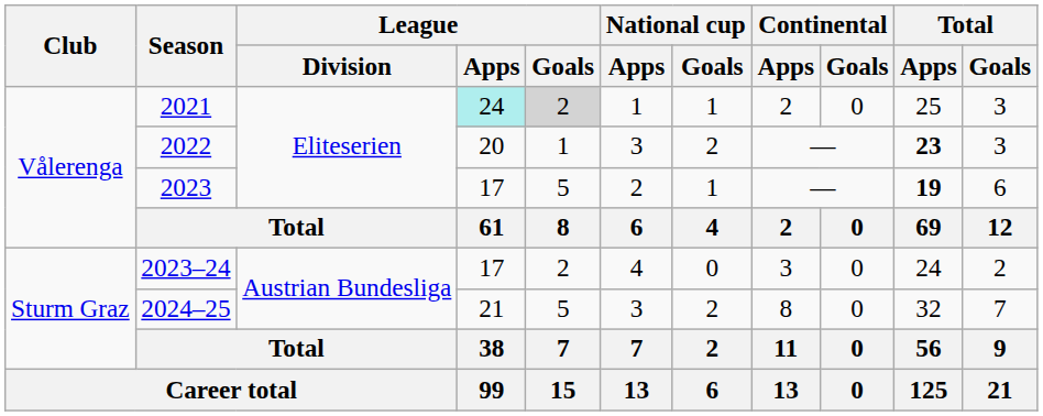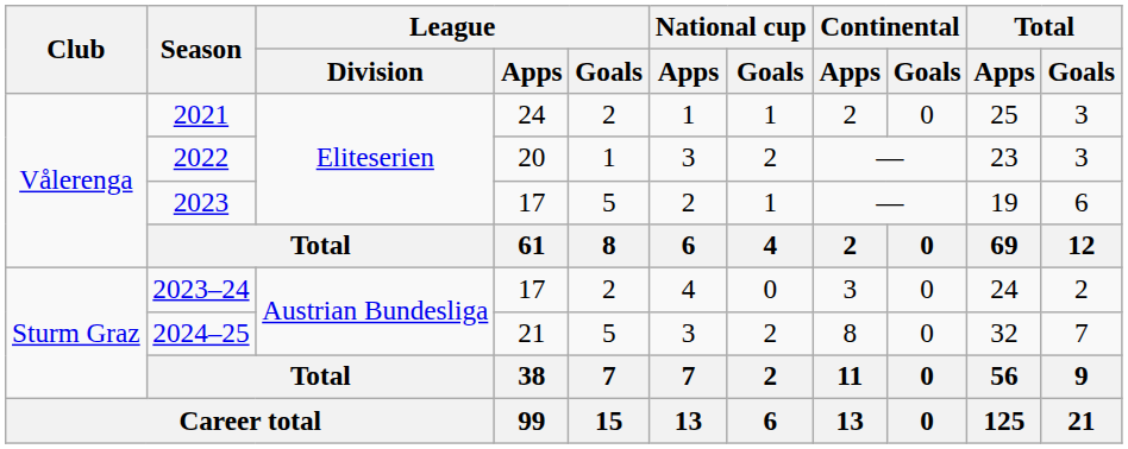 <table class="wikitable" style="text-align: center;">
 <tr>
 <th rowspan="2">Club</th>
 <th rowspan="2">Season</th>
 <th colspan="3">League</th>
 <th colspan="2">National cup</th>
 <th colspan="2">Continental</th>
 <th colspan="2">Total</th>
 </tr>
 <tr>
 <th>Division</th>
 <th>Apps</th>
 <th>Goals</th>
 <th>Apps</th>
 <th>Goals</th>
 <th>Apps</th>
 <th>Goals</th>
 <th>Apps</th>
 <th>Goals</th>
 </tr>
 <tr>
 <td rowspan="4"><a href='#'>Vålerenga</a></td>
 <td><a href='#'>2021</a></td>
 <td rowspan="3"><a href='#'>Eliteserien</a></td>
-<td style="background: paleturquoise;">24</td>
-<td style="background: lightgrey;">2</td>
+<td>24</td>
+<td>2</td>
 <td>1</td>
 <td>1</td>
 <td>2</td>
 <td>0</td>
 <td>25</td>
 <td>3</td>
 </tr>
 <tr>
 <td><a href='#'>2022</a></td>
 <td>20</td>
 <td>1</td>
 <td>3</td>
 <td>2</td>
 <td colspan="2">—</td>
-<td><strong>23</strong></td>
+<td>23</td>
 <td>3</td>
 </tr>
 <tr>
 <td><a href='#'>2023</a></td>
 <td>17</td>
 <td>5</td>
 <td>2</td>
 <td>1</td>
 <td colspan="2">—</td>
-<td><strong>19</strong></td>
+<td>19</td>
 <td>6</td>
 </tr>
 <tr>
 <th colspan="2">Total</th>
 <th>61</th>
 <th>8</th>
 <th>6</th>
 <th>4</th>
 <th>2</th>
 <th>0</th>
 <th>69</th>
 <th>12</th>
 </tr>
 <tr>
 <td rowspan="3"><a href='#'>Sturm Graz</a></td>
 <td><a href='#'>2023–24</a></td>
 <td rowspan="2"><a href='#'>Austrian Bundesliga</a></td>
 <td>17</td>
 <td>2</td>
 <td>4</td>
 <td>0</td>
 <td>3</td>
 <td>0</td>
 <td>24</td>
 <td>2</td>
 </tr>
 <tr>
 <td><a href='#'>2024–25</a></td>
 <td>21</td>
 <td>5</td>
 <td>3</td>
 <td>2</td>
 <td>8</td>
 <td>0</td>
 <td>32</td>
 <td>7</td>
 </tr>
 <tr>
 <th colspan="2">Total</th>
 <th>38</th>
 <th>7</th>
 <th>7</th>
 <th>2</th>
 <th>11</th>
 <th>0</th>
 <th>56</th>
 <th>9</th>
 </tr>
 <tr>
 <th colspan="3">Career total</th>
 <th>99</th>
 <th>15</th>
 <th>13</th>
 <th>6</th>
 <th>13</th>
 <th>0</th>
 <th>125</th>
 <th>21</th>
 </tr>
 </table>
